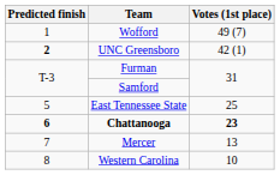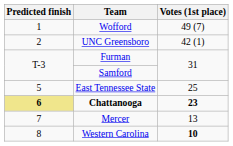 <table class="wikitable" border="1">
 <tr align=center>
 <th>Predicted finish</th>
 <th>Team</th>
 <th>Votes (1st place)</th>
 </tr>
 <tr align="center">
 <td>1</td>
 <td><a href='#'>Wofford</a></td>
 <td>49 (7)</td>
 </tr>
 <tr align="center">
-<td><strong>2</strong></td>
+<td>2</td>
 <td><a href='#'>UNC Greensboro</a></td>
 <td>42 (1)</td>
 </tr>
 <tr align="center">
 <td rowspan=2>T-3</td>
 <td><a href='#'>Furman</a></td>
 <td rowspan=2>31</td>
 </tr>
 <tr align="center">
 <td><a href='#'>Samford</a></td>
 </tr>
 <tr align="center">
 <td>5</td>
 <td><a href='#'>East Tennessee State</a></td>
 <td>25</td>
 </tr>
 <tr align="center">
-<td><strong>6</strong></td>
+<td style="background: khaki;"><strong>6</strong></td>
 <td><strong>Chattanooga</strong></td>
 <td><strong>23</strong></td>
 </tr>
 <tr align="center">
 <td>7</td>
 <td><a href='#'>Mercer</a></td>
 <td>13</td>
 </tr>
 <tr align="center">
 <td>8</td>
 <td><a href='#'>Western Carolina</a></td>
-<td>10</td>
+<td><strong>10</strong></td>
 </tr>
 </table>
